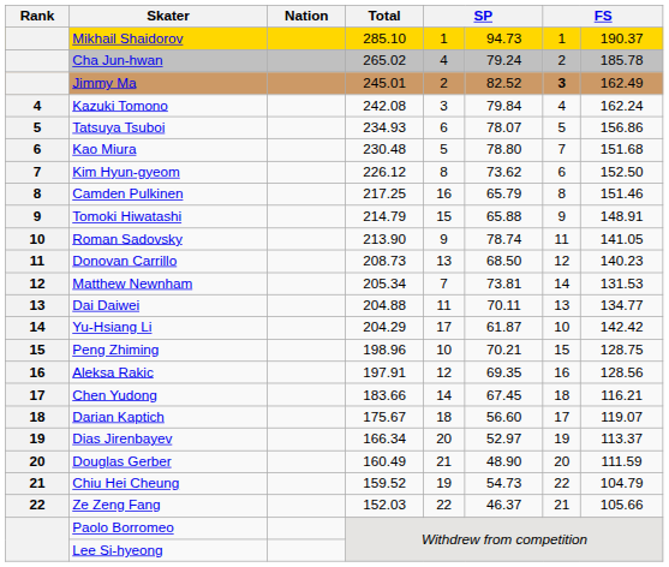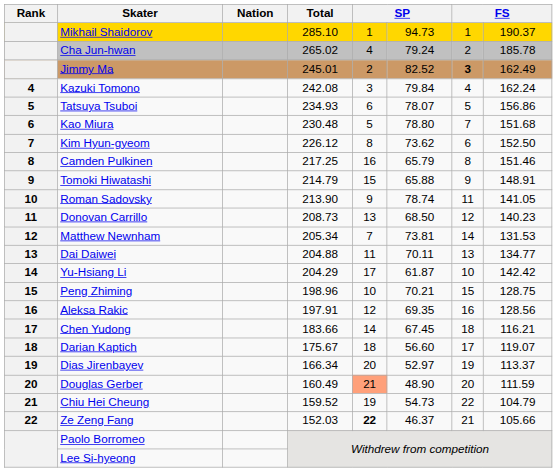 <table class="wikitable sortable" style="text-align:center; width:85%">
 <tr>
 <th scope="col">Rank</th>
 <th scope="col">Skater</th>
 <th scope="col">Nation</th>
 <th scope="col">Total</th>
 <th scope="col" colspan="2" width="80px"><a href='#'>SP</a></th>
 <th scope="col" colspan="2" width="80px"><a href='#'>FS</a></th>
 </tr>
 <tr bgcolor="gold">
 <th scope="row"></th>
 <td align="left"><a href='#'>Mikhail Shaidorov</a></td>
 <td align="left"></td>
 <td>285.10</td>
 <td>1</td>
 <td>94.73</td>
 <td>1</td>
 <td>190.37</td>
 </tr>
 <tr bgcolor="silver">
 <th scope="row"></th>
 <td align="left"><a href='#'>Cha Jun-hwan</a></td>
 <td align="left"></td>
 <td>265.02</td>
 <td>4</td>
 <td>79.24</td>
 <td>2</td>
 <td>185.78</td>
 </tr>
 <tr bgcolor="#cc9966">
 <th scope="row"></th>
 <td align="left"><a href='#'>Jimmy Ma</a></td>
 <td align="left"></td>
 <td>245.01</td>
 <td>2</td>
 <td>82.52</td>
 <td><strong>3</strong></td>
 <td>162.49</td>
 </tr>
 <tr>
 <th scope="row">4</th>
 <td align="left"><a href='#'>Kazuki Tomono</a></td>
 <td align="left"></td>
 <td>242.08</td>
 <td>3</td>
 <td>79.84</td>
 <td>4</td>
 <td>162.24</td>
 </tr>
 <tr>
 <th scope="row">5</th>
 <td align="left"><a href='#'>Tatsuya Tsuboi</a></td>
 <td align="left"></td>
 <td>234.93</td>
 <td>6</td>
 <td>78.07</td>
 <td>5</td>
 <td>156.86</td>
 </tr>
 <tr>
 <th scope="row">6</th>
 <td align="left"><a href='#'>Kao Miura</a></td>
 <td align="left"></td>
 <td>230.48</td>
 <td>5</td>
 <td>78.80</td>
 <td>7</td>
 <td>151.68</td>
 </tr>
 <tr>
 <th scope="row">7</th>
 <td align="left"><a href='#'>Kim Hyun-gyeom</a></td>
 <td align="left"></td>
 <td>226.12</td>
 <td>8</td>
 <td>73.62</td>
 <td>6</td>
 <td>152.50</td>
 </tr>
 <tr>
 <th scope="row">8</th>
 <td align="left"><a href='#'>Camden Pulkinen</a></td>
 <td align="left"></td>
 <td>217.25</td>
 <td>16</td>
 <td>65.79</td>
 <td>8</td>
 <td>151.46</td>
 </tr>
 <tr>
 <th scope="row">9</th>
 <td align="left"><a href='#'>Tomoki Hiwatashi</a></td>
 <td align="left"></td>
 <td>214.79</td>
 <td>15</td>
 <td>65.88</td>
 <td>9</td>
 <td>148.91</td>
 </tr>
 <tr>
 <th scope="row">10</th>
 <td align="left"><a href='#'>Roman Sadovsky</a></td>
 <td align="left"></td>
 <td>213.90</td>
 <td>9</td>
 <td>78.74</td>
 <td>11</td>
 <td>141.05</td>
 </tr>
 <tr>
 <th scope="row">11</th>
 <td align="left"><a href='#'>Donovan Carrillo</a></td>
 <td align="left"></td>
 <td>208.73</td>
 <td>13</td>
 <td>68.50</td>
 <td>12</td>
 <td>140.23</td>
 </tr>
 <tr>
 <th scope="row">12</th>
 <td align="left"><a href='#'>Matthew Newnham</a></td>
 <td align="left"></td>
 <td>205.34</td>
 <td>7</td>
 <td>73.81</td>
 <td>14</td>
 <td>131.53</td>
 </tr>
 <tr>
 <th scope="row">13</th>
 <td align="left"><a href='#'>Dai Daiwei</a></td>
 <td align="left"></td>
 <td>204.88</td>
 <td>11</td>
 <td>70.11</td>
 <td>13</td>
 <td>134.77</td>
 </tr>
 <tr>
 <th scope="row">14</th>
 <td align="left"><a href='#'>Yu-Hsiang Li</a></td>
 <td align="left"></td>
 <td>204.29</td>
 <td>17</td>
 <td>61.87</td>
 <td>10</td>
 <td>142.42</td>
 </tr>
 <tr>
 <th scope="row">15</th>
 <td align="left"><a href='#'>Peng Zhiming</a></td>
 <td align="left"></td>
 <td>198.96</td>
 <td>10</td>
 <td>70.21</td>
 <td>15</td>
 <td>128.75</td>
 </tr>
 <tr>
 <th scope="row">16</th>
 <td align="left"><a href='#'>Aleksa Rakic</a></td>
 <td align="left"></td>
 <td>197.91</td>
 <td>12</td>
 <td>69.35</td>
 <td>16</td>
 <td>128.56</td>
 </tr>
 <tr>
 <th scope="row">17</th>
 <td align="left"><a href='#'>Chen Yudong</a></td>
 <td align="left"></td>
 <td>183.66</td>
 <td>14</td>
 <td>67.45</td>
 <td>18</td>
 <td>116.21</td>
 </tr>
 <tr>
 <th scope="row">18</th>
 <td align="left"><a href='#'>Darian Kaptich</a></td>
 <td align="left"></td>
 <td>175.67</td>
 <td>18</td>
 <td>56.60</td>
 <td>17</td>
 <td>119.07</td>
 </tr>
 <tr>
 <th scope="row">19</th>
 <td align="left"><a href='#'>Dias Jirenbayev</a></td>
 <td align="left"></td>
 <td>166.34</td>
 <td>20</td>
 <td>52.97</td>
 <td>19</td>
 <td>113.37</td>
 </tr>
 <tr>
 <th scope="row">20</th>
 <td align="left"><a href='#'>Douglas Gerber</a></td>
 <td align="left"></td>
 <td>160.49</td>
-<td>21</td>
+<td style="background: lightsalmon;">21</td>
 <td>48.90</td>
 <td>20</td>
 <td>111.59</td>
 </tr>
 <tr>
 <th scope="row">21</th>
 <td align="left"><a href='#'>Chiu Hei Cheung</a></td>
 <td align="left"></td>
 <td>159.52</td>
 <td>19</td>
 <td>54.73</td>
 <td>22</td>
 <td>104.79</td>
 </tr>
 <tr>
 <th scope="row">22</th>
 <td align="left"><a href='#'>Ze Zeng Fang</a></td>
 <td align="left"></td>
 <td>152.03</td>
-<td>22</td>
+<td><strong>22</strong></td>
 <td>46.37</td>
 <td>21</td>
 <td>105.66</td>
 </tr>
 <tr>
 <th rowspan="2" scope="row"></th>
 <td align="left"><a href='#'>Paolo Borromeo</a></td>
 <td align="left"></td>
 <td colspan="5" rowspan="2" bgcolor="e5e4e2"><em>Withdrew from competition</em></td>
 </tr>
 <tr>
 <td align="left"><a href='#'>Lee Si-hyeong</a></td>
 <td align="left"></td>
 </tr>
 </table>
